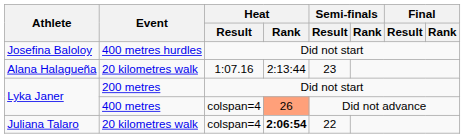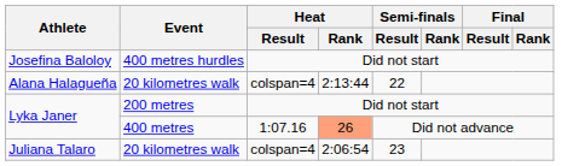 <table class="wikitable" style="font-size:90%; text-align:center">
 <tr>
 <th rowspan="2">Athlete</th>
 <th rowspan="2">Event</th>
 <th colspan="2">Heat</th>
 <th colspan="2">Semi-finals</th>
 <th colspan="2">Final</th>
 </tr>
 <tr>
 <th>Result</th>
 <th>Rank</th>
 <th>Result</th>
 <th>Rank</th>
 <th>Result</th>
 <th>Rank</th>
 </tr>
 <tr>
 <td align="left"><a href='#'>Josefina Baloloy</a></td>
 <td align="left"><a href='#'>400 metres hurdles</a></td>
 <td colspan=6>Did not start</td>
 </tr>
 <tr>
 <td align="left"><a href='#'>Alana Halagueña</a></td>
 <td align="left"><a href='#'>20 kilometres walk</a></td>
-<td>1:07.16</td>
+<td>colspan=4 </td>
 <td>2:13:44</td>
-<td>23</td>
+<td>22</td>
 </tr>
 <tr>
 <td align="left" rowspan=2><a href='#'>Lyka Janer</a></td>
 <td align="left"><a href='#'>200 metres</a></td>
 <td colspan=6>Did not start</td>
 </tr>
 <tr>
 <td align="left"><a href='#'>400 metres</a></td>
-<td>colspan=4 </td>
+<td>1:07.16</td>
 <td style="background: lightsalmon;">26</td>
 <td colspan=4>Did not advance</td>
 </tr>
 <tr>
 <td align="left"><a href='#'>Juliana Talaro</a></td>
 <td align="left"><a href='#'>20 kilometres walk</a></td>
 <td>colspan=4 </td>
-<td><strong>2:06:54</strong></td>
-<td>22</td>
+<td>2:06:54</td>
+<td>23</td>
 </tr>
 </table>
